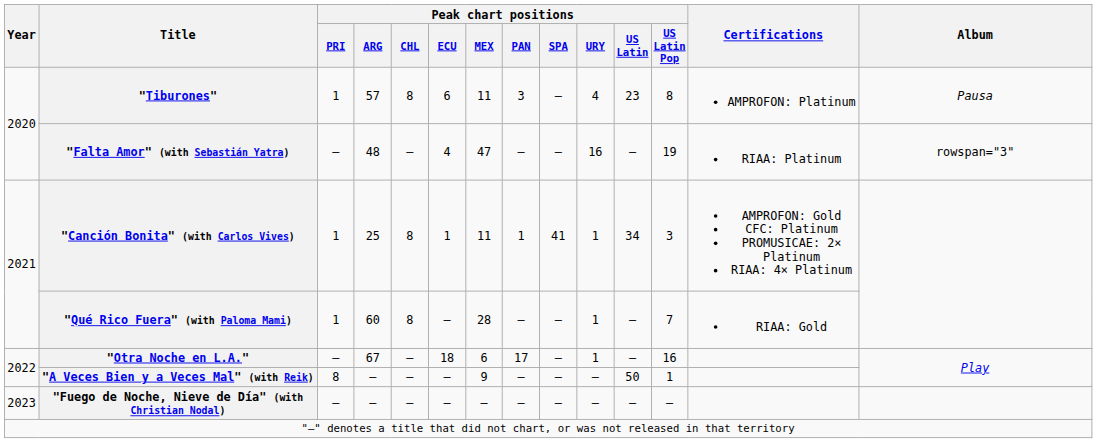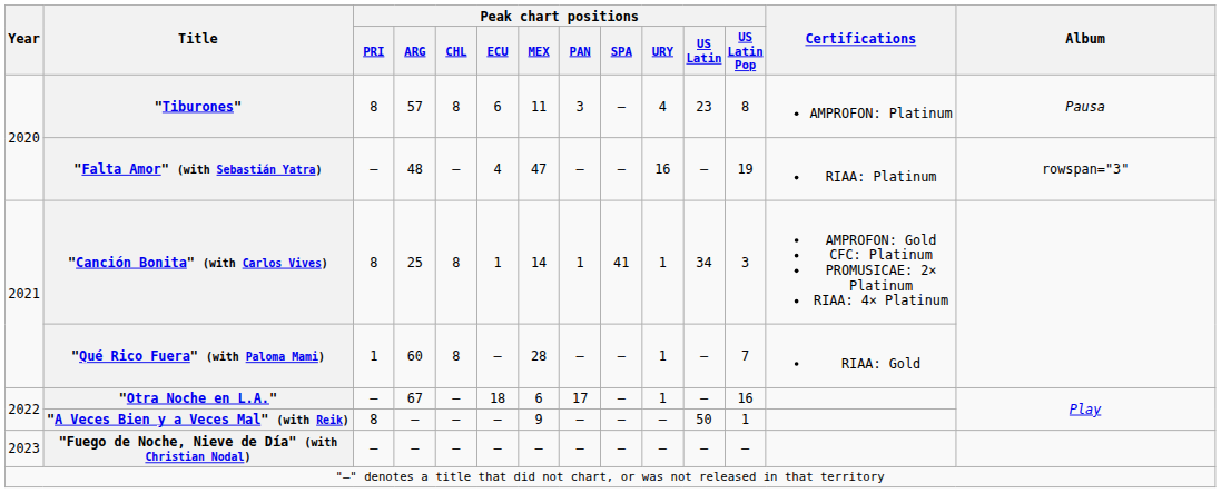 <table class="wikitable plainrowheaders" style="text-align:center">
 <tr>
 <th scope="col" rowspan="2" width="30">Year</th>
 <th scope="col" rowspan="2" width="300">Title</th>
 <th colspan="10">Peak chart positions</th>
 <th scope="col" rowspan="2" width="181"><a href='#'>Certifications</a></th>
 <th scope="col" rowspan="2" width="250">Album</th>
 </tr>
 <tr>
 <th scope="col" style="width:3em;font-size:90%;"><a href='#'>PRI</a><br></th>
 <th scope="col" style="width:3em;font-size:90%;" !width="25"><a href='#'>ARG</a><br></th>
 <th scope="col" style="width:3em;font-size:90%;"><a href='#'>CHL</a><br></th>
 <th scope="col" style="width:3em;font-size:90%;"><a href='#'>ECU</a><br></th>
 <th scope="col" style="width:3em;font-size:90%;" !width="25"><a href='#'>MEX</a><br></th>
 <th scope="col" style="width:3em;font-size:90%;"><a href='#'>PAN</a><br></th>
 <th scope="col" style="width:3em;font-size:90%;" !width="25"><a href='#'>SPA</a><br></th>
 <th scope="col" style="width:3em;font-size:90%;"><a href='#'>URY</a><br></th>
 <th scope="col" style="width:3em;font-size:90%;" !width="25"><a href='#'>US Latin</a><br></th>
 <th scope="col" style="width:3em;font-size:90%;" !width="25"><a href='#'>US Latin Pop</a><br></th>
 </tr>
 <tr>
 <td rowspan="2">2020</td>
 <th scope="row">"<a href='#'>Tiburones</a>"</th>
-<td>1</td>
+<td>8</td>
 <td>57</td>
 <td>8</td>
 <td>6</td>
 <td>11</td>
 <td>3</td>
 <td>—</td>
 <td>4</td>
 <td>23</td>
 <td>8</td>
 <td><br><ul><li>AMPROFON: Platinum</li></ul></td>
 <td><em>Pausa</em></td>
 </tr>
 <tr>
 <th scope="row">"<a href='#'>Falta Amor</a>" <small>(with <a href='#'>Sebastián Yatra</a>)</small></th>
 <td>—</td>
 <td>48</td>
 <td>—</td>
 <td>4</td>
 <td>47</td>
 <td>—</td>
 <td>—</td>
 <td>16</td>
 <td>—</td>
 <td>19</td>
 <td><br><ul><li>RIAA: Platinum </li></ul></td>
 <td>rowspan="3" </td>
 </tr>
 <tr>
 <td rowspan="2">2021</td>
 <th scope="row">"<a href='#'>Canción Bonita</a>" <small>(with <a href='#'>Carlos Vives</a>)</small></th>
-<td>1</td>
+<td>8</td>
 <td>25</td>
 <td>8</td>
 <td>1</td>
-<td>11</td>
+<td>14</td>
 <td>1</td>
 <td>41</td>
 <td>1</td>
 <td>34</td>
 <td>3</td>
 <td><br><ul><li>AMPROFON: Gold</li><li>CFC: Platinum</li><li>PROMUSICAE: 2× Platinum</li><li>RIAA: 4× Platinum </li></ul></td>
 </tr>
 <tr>
 <th scope="row">"<a href='#'>Qué Rico Fuera</a>" <small>(with <a href='#'>Paloma Mami</a>)</small></th>
 <td>1</td>
 <td>60</td>
 <td>8</td>
 <td>—</td>
 <td>28</td>
 <td>—</td>
 <td>—</td>
 <td>1</td>
 <td>—</td>
 <td>7</td>
 <td><br><ul><li>RIAA: Gold </li></ul></td>
 </tr>
 <tr>
 <td rowspan="2">2022</td>
 <th scope="row">"<a href='#'>Otra Noche en L.A.</a>"</th>
 <td>—</td>
 <td>67</td>
 <td>—</td>
 <td>18</td>
 <td>6</td>
 <td>17</td>
 <td>—</td>
 <td>1</td>
 <td>—</td>
 <td>16</td>
 <td></td>
 <td rowspan="2"><em><a href='#'>Play</a></em></td>
 </tr>
 <tr>
 <th scope="row">"<a href='#'>A Veces Bien y a Veces Mal</a>" <small>(with <a href='#'>Reik</a>)</small></th>
 <td>8</td>
 <td>—</td>
 <td>—</td>
 <td>—</td>
 <td>9</td>
 <td>—</td>
 <td>—</td>
 <td>—</td>
 <td>50</td>
 <td>1</td>
 <td></td>
 </tr>
 <tr>
 <td>2023</td>
 <th scope="row">"Fuego de Noche, Nieve de Día" <small>(with <a href='#'>Christian Nodal</a>)</small></th>
 <td>—</td>
 <td>—</td>
 <td>—</td>
 <td>—</td>
 <td>—</td>
 <td>—</td>
 <td>—</td>
 <td>—</td>
 <td>—</td>
 <td>—</td>
 <td></td>
 <td></td>
 </tr>
 <tr>
 <td colspan="20" style="font-size:90%">"—" denotes a title that did not chart, or was not released in that territory</td>
 </tr>
 </table>
